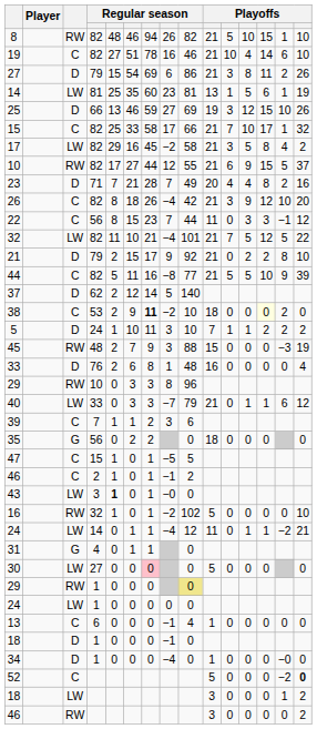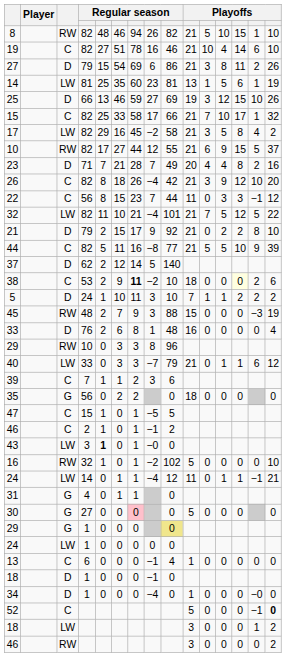 <table class="wikitable sortable plainrowheaders" style="text-align:center;">
 <tr>
 <th scope="col" data-sort-type="number" rowspan="2"></th>
 <th scope="col" rowspan="2">Player</th>
 <th scope="col" rowspan="2"></th>
 <th scope=colgroup colspan=6>Regular season</th>
 <th scope=colgroup colspan=6>Playoffs</th>
 </tr>
 <tr>
 <th scope="col" data-sort-type="number"></th>
 <th scope="col" data-sort-type="number"></th>
 <th scope="col" data-sort-type="number"></th>
 <th scope="col" data-sort-type="number"></th>
 <th scope="col" data-sort-type="number"></th>
 <th scope="col" data-sort-type="number"></th>
 <th scope="col" data-sort-type="number"></th>
 <th scope="col" data-sort-type="number"></th>
 <th scope="col" data-sort-type="number"></th>
 <th scope="col" data-sort-type="number"></th>
 <th scope="col" data-sort-type="number"></th>
 <th scope="col" data-sort-type="number"></th>
 </tr>
 <tr>
 <td scope="row">8</td>
 <td align="left"></td>
 <td>RW</td>
 <td>82</td>
 <td>48</td>
 <td>46</td>
 <td>94</td>
 <td>26</td>
 <td>82</td>
 <td>21</td>
 <td>5</td>
 <td>10</td>
 <td>15</td>
 <td>1</td>
 <td>10</td>
 </tr>
 <tr>
 <td scope="row">19</td>
 <td align="left"></td>
 <td>C</td>
 <td>82</td>
 <td>27</td>
 <td>51</td>
 <td>78</td>
 <td>16</td>
 <td>46</td>
 <td>21</td>
 <td>10</td>
 <td>4</td>
 <td>14</td>
 <td>6</td>
 <td>10</td>
 </tr>
 <tr>
 <td scope="row">27</td>
 <td align="left"></td>
 <td>D</td>
 <td>79</td>
 <td>15</td>
 <td>54</td>
 <td>69</td>
 <td>6</td>
 <td>86</td>
 <td>21</td>
 <td>3</td>
 <td>8</td>
 <td>11</td>
 <td>2</td>
 <td>26</td>
 </tr>
 <tr>
 <td scope="row">14</td>
 <td align="left"></td>
 <td>LW</td>
 <td>81</td>
 <td>25</td>
 <td>35</td>
 <td>60</td>
 <td>23</td>
 <td>81</td>
 <td>13</td>
 <td>1</td>
 <td>5</td>
 <td>6</td>
 <td>1</td>
 <td>19</td>
 </tr>
 <tr>
 <td scope="row">25</td>
 <td align="left"></td>
 <td>D</td>
 <td>66</td>
 <td>13</td>
 <td>46</td>
 <td>59</td>
 <td>27</td>
 <td>69</td>
 <td>19</td>
 <td>3</td>
 <td>12</td>
 <td>15</td>
 <td>10</td>
 <td>26</td>
 </tr>
 <tr>
 <td scope="row">15</td>
 <td align="left"></td>
 <td>C</td>
 <td>82</td>
 <td>25</td>
 <td>33</td>
 <td>58</td>
 <td>17</td>
 <td>66</td>
 <td>21</td>
 <td>7</td>
 <td>10</td>
 <td>17</td>
 <td>1</td>
 <td>32</td>
 </tr>
 <tr>
 <td scope="row">17</td>
 <td align="left"></td>
 <td>LW</td>
 <td>82</td>
 <td>29</td>
 <td>16</td>
 <td>45</td>
 <td>−2</td>
 <td>58</td>
 <td>21</td>
 <td>3</td>
 <td>5</td>
 <td>8</td>
 <td>4</td>
 <td>2</td>
 </tr>
 <tr>
 <td scope="row">10</td>
 <td align="left"></td>
 <td>RW</td>
 <td>82</td>
 <td>17</td>
 <td>27</td>
 <td>44</td>
 <td>12</td>
 <td>55</td>
 <td>21</td>
 <td>6</td>
 <td>9</td>
 <td>15</td>
 <td>5</td>
 <td>37</td>
 </tr>
 <tr>
 <td scope="row">23</td>
 <td align="left"></td>
 <td>D</td>
 <td>71</td>
 <td>7</td>
 <td>21</td>
 <td>28</td>
 <td>7</td>
 <td>49</td>
 <td>20</td>
 <td>4</td>
 <td>4</td>
 <td>8</td>
 <td>2</td>
 <td>16</td>
 </tr>
 <tr>
 <td scope="row">26</td>
 <td align="left"></td>
 <td>C</td>
 <td>82</td>
 <td>8</td>
 <td>18</td>
 <td>26</td>
 <td>−4</td>
 <td>42</td>
 <td>21</td>
 <td>3</td>
 <td>9</td>
 <td>12</td>
 <td>10</td>
 <td>20</td>
 </tr>
 <tr>
 <td scope="row">22</td>
 <td align="left"></td>
 <td>C</td>
 <td>56</td>
 <td>8</td>
 <td>15</td>
 <td>23</td>
 <td>7</td>
 <td>44</td>
 <td>11</td>
 <td>0</td>
 <td>3</td>
 <td>3</td>
 <td>−1</td>
 <td>12</td>
 </tr>
 <tr>
 <td scope="row">32</td>
 <td align="left"></td>
 <td>LW</td>
 <td>82</td>
 <td>11</td>
 <td>10</td>
 <td>21</td>
 <td>−4</td>
 <td>101</td>
 <td>21</td>
 <td>7</td>
 <td>5</td>
 <td>12</td>
 <td>5</td>
 <td>22</td>
 </tr>
 <tr>
 <td scope="row">21</td>
 <td align="left"></td>
 <td>D</td>
 <td>79</td>
 <td>2</td>
 <td>15</td>
 <td>17</td>
 <td>9</td>
 <td>92</td>
 <td>21</td>
 <td>0</td>
 <td>2</td>
 <td>2</td>
 <td>8</td>
 <td>10</td>
 </tr>
 <tr>
 <td scope="row">44</td>
 <td align="left"></td>
 <td>C</td>
 <td>82</td>
 <td>5</td>
 <td>11</td>
 <td>16</td>
 <td>−8</td>
 <td>77</td>
 <td>21</td>
 <td>5</td>
 <td>5</td>
 <td>10</td>
 <td>9</td>
 <td>39</td>
 </tr>
 <tr>
 <td scope="row">37</td>
 <td align="left"></td>
 <td>D</td>
 <td>62</td>
 <td>2</td>
 <td>12</td>
 <td>14</td>
 <td>5</td>
 <td>140</td>
 <td></td>
 <td></td>
 <td></td>
 <td></td>
 <td></td>
 <td></td>
 </tr>
 <tr>
 <td scope="row">38</td>
 <td align="left"></td>
 <td>C</td>
 <td>53</td>
 <td>2</td>
 <td>9</td>
 <td><strong>11</strong></td>
 <td>−2</td>
 <td>10</td>
 <td>18</td>
 <td>0</td>
 <td>0</td>
 <td style="background: lightyellow;">0</td>
 <td>2</td>
-<td>0</td>
+<td>6</td>
 </tr>
 <tr>
 <td scope="row">5</td>
 <td align="left"></td>
 <td>D</td>
 <td>24</td>
 <td>1</td>
 <td>10</td>
 <td>11</td>
 <td>3</td>
 <td>10</td>
 <td>7</td>
 <td>1</td>
 <td>1</td>
 <td>2</td>
 <td>2</td>
 <td>2</td>
 </tr>
 <tr>
 <td scope="row">45</td>
 <td align="left"></td>
 <td>RW</td>
 <td>48</td>
 <td>2</td>
 <td>7</td>
 <td>9</td>
 <td>3</td>
 <td>88</td>
 <td>15</td>
 <td>0</td>
 <td>0</td>
 <td>0</td>
 <td>−3</td>
 <td>19</td>
 </tr>
 <tr>
 <td scope="row">33</td>
 <td align="left"></td>
 <td>D</td>
 <td>76</td>
 <td>2</td>
 <td>6</td>
 <td>8</td>
 <td>1</td>
 <td>48</td>
 <td>16</td>
 <td>0</td>
 <td>0</td>
 <td>0</td>
 <td>0</td>
 <td>4</td>
 </tr>
 <tr>
 <td scope="row">29</td>
 <td align="left"></td>
 <td>RW</td>
 <td>10</td>
 <td>0</td>
 <td>3</td>
 <td>3</td>
 <td>8</td>
 <td>96</td>
 <td></td>
 <td></td>
 <td></td>
 <td></td>
 <td></td>
 <td></td>
 </tr>
 <tr>
 <td scope="row">40</td>
 <td align="left"></td>
 <td>LW</td>
 <td>33</td>
 <td>0</td>
 <td>3</td>
 <td>3</td>
 <td>−7</td>
 <td>79</td>
 <td>21</td>
 <td>0</td>
 <td>1</td>
 <td>1</td>
 <td>6</td>
 <td>12</td>
 </tr>
 <tr>
 <td scope="row">39</td>
 <td align="left"></td>
 <td>C</td>
 <td>7</td>
 <td>1</td>
 <td>1</td>
 <td>2</td>
 <td>3</td>
 <td>6</td>
 <td></td>
 <td></td>
 <td></td>
 <td></td>
 <td></td>
 <td></td>
 </tr>
 <tr>
 <td scope="row">35</td>
 <td align="left"></td>
 <td>G</td>
 <td>56</td>
 <td>0</td>
 <td>2</td>
 <td>2</td>
 <td style="background:#ccc"></td>
 <td>0</td>
 <td>18</td>
 <td>0</td>
 <td>0</td>
 <td>0</td>
 <td style="background:#ccc"></td>
 <td>0</td>
 </tr>
 <tr>
 <td scope="row">47</td>
 <td align="left"></td>
 <td>C</td>
 <td>15</td>
 <td>1</td>
 <td>0</td>
 <td>1</td>
 <td>−5</td>
 <td>5</td>
 <td></td>
 <td></td>
 <td></td>
 <td></td>
 <td></td>
 <td></td>
 </tr>
 <tr>
 <td scope="row">46</td>
 <td align="left"></td>
 <td>C</td>
 <td>2</td>
 <td>1</td>
 <td>0</td>
 <td>1</td>
 <td>−1</td>
 <td>2</td>
 <td></td>
 <td></td>
 <td></td>
 <td></td>
 <td></td>
 <td></td>
 </tr>
 <tr>
 <td scope="row">43</td>
 <td align="left"></td>
 <td>LW</td>
 <td>3</td>
 <td><strong>1</strong></td>
 <td>0</td>
 <td>1</td>
 <td>−0</td>
 <td>0</td>
 <td></td>
 <td></td>
 <td></td>
 <td></td>
 <td></td>
 <td></td>
 </tr>
 <tr>
 <td scope="row">16</td>
 <td align="left"></td>
 <td>RW</td>
 <td>32</td>
 <td>1</td>
 <td>0</td>
 <td>1</td>
 <td>−2</td>
 <td>102</td>
 <td>5</td>
 <td>0</td>
 <td>0</td>
 <td>0</td>
 <td>0</td>
 <td>10</td>
 </tr>
 <tr>
 <td scope="row">24</td>
 <td align="left"></td>
 <td>LW</td>
 <td>14</td>
 <td>0</td>
 <td>1</td>
 <td>1</td>
 <td>−4</td>
 <td>12</td>
 <td>11</td>
 <td>0</td>
 <td>1</td>
 <td>1</td>
-<td>−2</td>
+<td>−1</td>
 <td>21</td>
 </tr>
 <tr>
 <td scope="row">31</td>
 <td align="left"></td>
 <td>G</td>
 <td>4</td>
 <td>0</td>
 <td>1</td>
 <td>1</td>
 <td style="background:#ccc"></td>
 <td>0</td>
 <td></td>
 <td></td>
 <td></td>
 <td></td>
 <td></td>
 <td></td>
 </tr>
 <tr>
 <td scope="row">30</td>
 <td align="left"></td>
-<td>LW</td>
+<td>G</td>
 <td>27</td>
 <td>0</td>
 <td>0</td>
 <td style="background: pink;">0</td>
 <td style="background:#ccc"></td>
 <td>0</td>
 <td>5</td>
 <td>0</td>
 <td>0</td>
 <td>0</td>
 <td style="background:#ccc"></td>
 <td>0</td>
 </tr>
 <tr>
 <td scope="row">29</td>
 <td align="left"></td>
-<td>RW</td>
+<td>G</td>
 <td>1</td>
 <td>0</td>
 <td>0</td>
 <td>0</td>
 <td style="background:#ccc"></td>
 <td style="background: khaki;">0</td>
 <td></td>
 <td></td>
 <td></td>
 <td></td>
 <td></td>
 <td></td>
 </tr>
 <tr>
 <td scope="row">24</td>
 <td align="left"></td>
 <td>LW</td>
 <td>1</td>
 <td>0</td>
 <td>0</td>
 <td>0</td>
 <td>0</td>
 <td>0</td>
 <td></td>
 <td></td>
 <td></td>
 <td></td>
 <td></td>
 <td></td>
 </tr>
 <tr>
 <td scope="row">13</td>
 <td align="left"></td>
 <td>C</td>
 <td>6</td>
 <td>0</td>
 <td>0</td>
 <td>0</td>
 <td>−1</td>
 <td>4</td>
 <td>1</td>
 <td>0</td>
 <td>0</td>
 <td>0</td>
 <td>0</td>
 <td>0</td>
 </tr>
 <tr>
 <td scope="row">18</td>
 <td align="left"></td>
 <td>D</td>
 <td>1</td>
 <td>0</td>
 <td>0</td>
 <td>0</td>
 <td>−1</td>
 <td>0</td>
 <td></td>
 <td></td>
 <td></td>
 <td></td>
 <td></td>
 <td></td>
 </tr>
 <tr>
 <td scope="row">34</td>
 <td align="left"></td>
 <td>D</td>
 <td>1</td>
 <td>0</td>
 <td>0</td>
 <td>0</td>
 <td>−4</td>
 <td>0</td>
 <td>1</td>
 <td>0</td>
 <td>0</td>
 <td>0</td>
 <td>−0</td>
 <td>0</td>
 </tr>
 <tr>
 <td scope="row">52</td>
 <td align="left"></td>
 <td>C</td>
 <td></td>
 <td></td>
 <td></td>
 <td></td>
 <td></td>
 <td></td>
 <td>5</td>
 <td>0</td>
 <td>0</td>
 <td>0</td>
-<td>−2</td>
+<td>−1</td>
 <td><strong>0</strong></td>
 </tr>
 <tr>
 <td scope="row">18</td>
 <td align="left"></td>
 <td>LW</td>
 <td></td>
 <td></td>
 <td></td>
 <td></td>
 <td></td>
 <td></td>
 <td>3</td>
 <td>0</td>
 <td>0</td>
 <td>0</td>
 <td>1</td>
 <td>2</td>
 </tr>
 <tr>
 <td scope="row">46</td>
 <td align="left"></td>
 <td>RW</td>
 <td></td>
 <td></td>
 <td></td>
 <td></td>
 <td></td>
 <td></td>
 <td>3</td>
 <td>0</td>
 <td>0</td>
 <td>0</td>
 <td>0</td>
 <td>2</td>
 </tr>
 </table>
